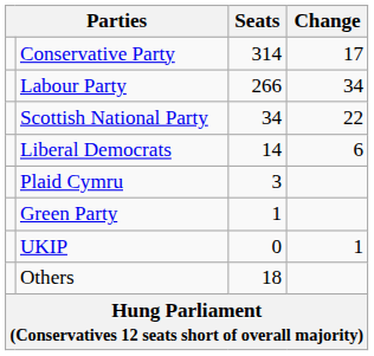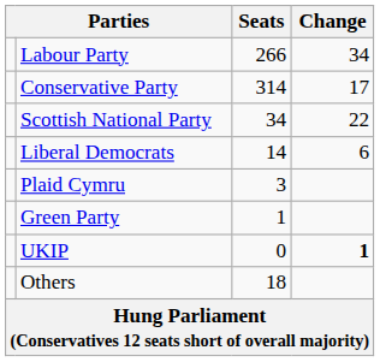 <table class="wikitable">
 <tr>
 <th colspan="2" style="vertical-align:top;">Parties</th>
 <th style="vertical-align:top;">Seats</th>
 <th style="vertical-align:top;">Change</th>
 </tr>
 <tr>
 <td></td>
+<td><a href='#'>Labour Party</a></td>
+<td style="text-align:right;">266</td>
+<td align=right> 34</td>
+</tr>
+<tr>
+<td></td>
 <td><a href='#'>Conservative Party</a></td>
 <td style="text-align:right;">314</td>
 <td align=right> 17</td>
-</tr>
-<tr>
-<td></td>
-<td><a href='#'>Labour Party</a></td>
-<td style="text-align:right;">266</td>
-<td align=right> 34</td>
 </tr>
 <tr>
 <td></td>
 <td><a href='#'>Scottish National Party</a></td>
 <td style="text-align:right;">34</td>
 <td align=right> 22</td>
 </tr>
 <tr>
 <td></td>
 <td><a href='#'>Liberal Democrats</a></td>
 <td style="text-align:right;">14</td>
 <td align=right> 6</td>
 </tr>
 <tr>
 <td></td>
 <td><a href='#'>Plaid Cymru</a></td>
 <td style="text-align:right;">3</td>
 <td align=right></td>
 </tr>
 <tr>
 <td></td>
 <td><a href='#'>Green Party</a></td>
 <td style="text-align:right;">1</td>
 <td align=right></td>
 </tr>
 <tr>
 <td></td>
 <td><a href='#'>UKIP</a></td>
 <td style="text-align:right;">0</td>
-<td align=right> 1</td>
+<td align=right><strong> 1</strong></td>
 </tr>
 <tr>
 <td></td>
 <td>Others</td>
 <td style="text-align:right;">18</td>
 <td align=right></td>
 </tr>
 <tr>
 <th colspan=4 style="text-align:center; color:"><strong>Hung Parliament</strong> <br> <small>(Conservatives 12 seats short of overall majority)</small></th>
 </tr>
 </table>
